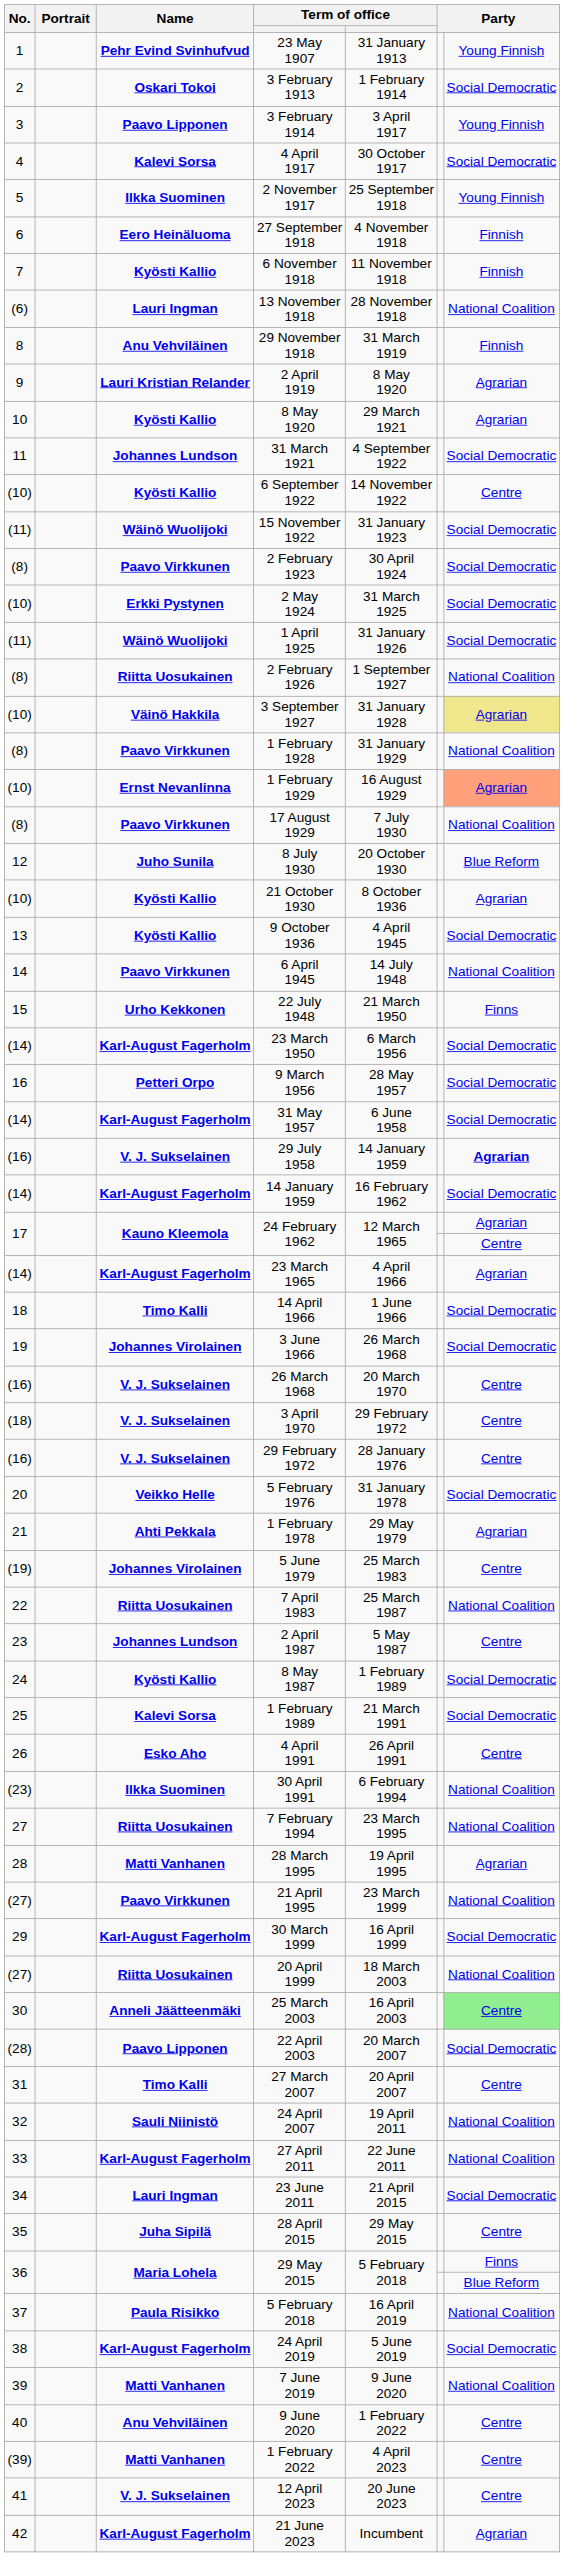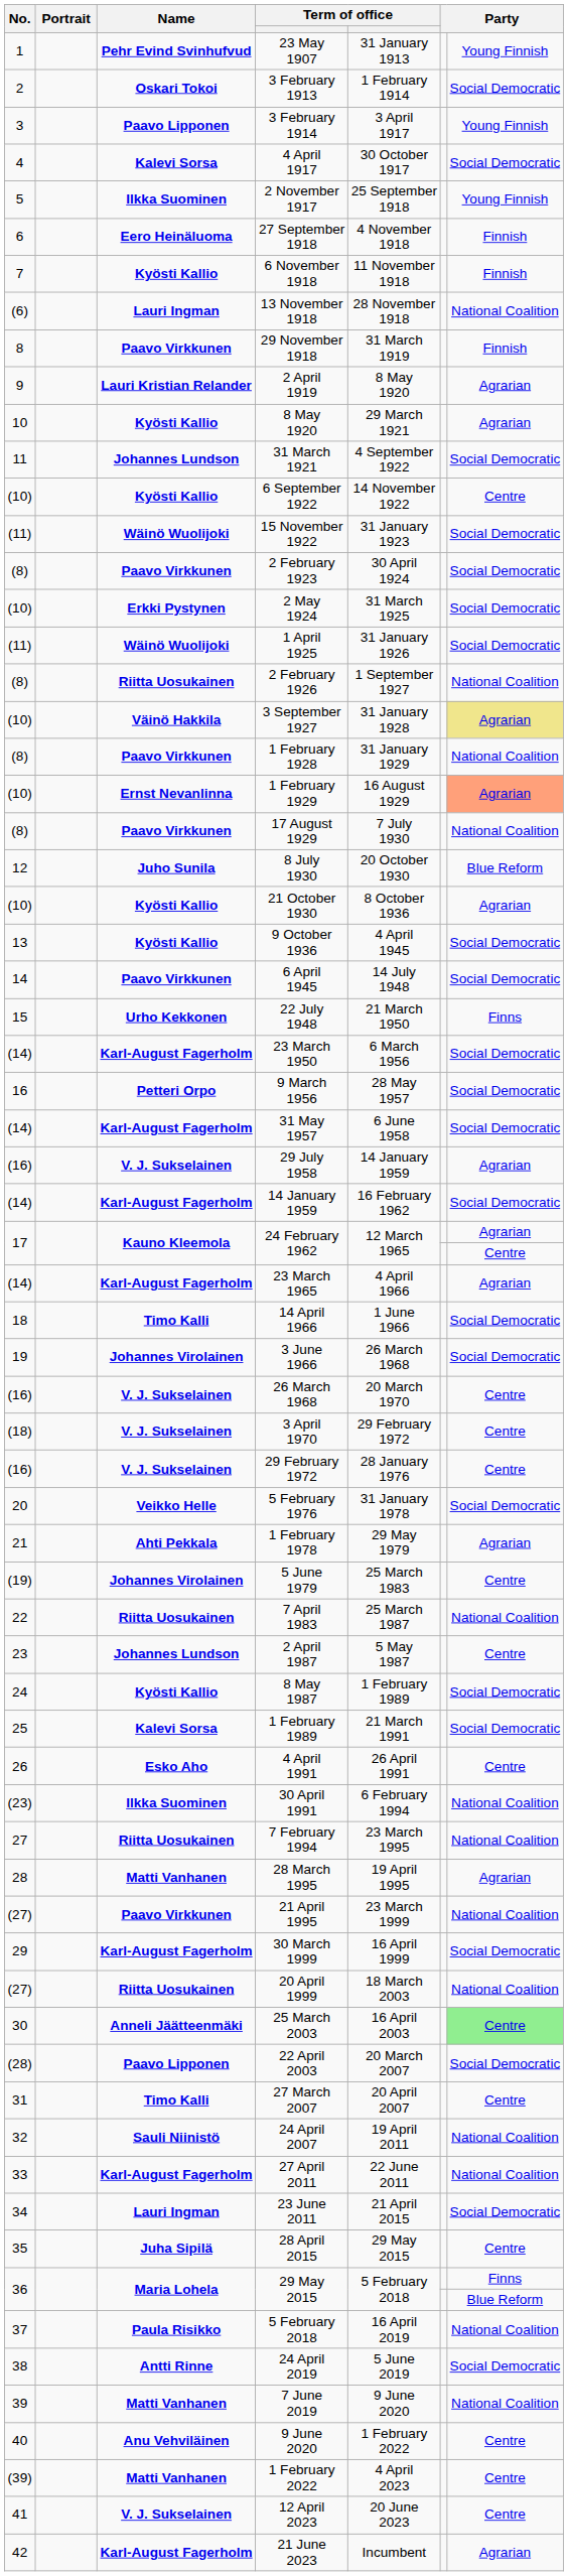 <table class="wikitable" style="text-align:center; border:1px #aaf solid;">
 <tr>
 <th rowspan="2">No.</th>
 <th rowspan="2">Portrait</th>
 <th rowspan="2">Name<br></th>
 <th colspan="2">Term of office</th>
 <th colspan="2" rowspan="2">Party</th>
 </tr>
 <tr>
 <th></th>
 <th></th>
 </tr>
 <tr>
 <td>1</td>
 <td width="65"></td>
 <td><strong><a href='#'>Pehr Evind Svinhufvud</a></strong><br></td>
 <td class="nowrap">23 May<br>1907</td>
 <td class="nowrap">31 January<br>1913</td>
 <td style="background:"></td>
 <td><a href='#'>Young Finnish</a></td>
 </tr>
 <tr>
 <td>2</td>
 <td></td>
 <td><strong><a href='#'>Oskari Tokoi</a></strong><br></td>
 <td>3 February<br>1913</td>
 <td>1 February<br>1914</td>
 <td style="background:"></td>
 <td><a href='#'>Social Democratic</a></td>
 </tr>
 <tr>
 <td>3</td>
 <td></td>
 <td><strong><a href='#'>Paavo Lipponen</a></strong><br></td>
 <td>3 February<br>1914</td>
 <td>3 April<br>1917</td>
 <td style="background:"></td>
 <td><a href='#'>Young Finnish</a></td>
 </tr>
 <tr>
 <td>4</td>
 <td></td>
 <td><strong><a href='#'>Kalevi Sorsa</a></strong><br></td>
 <td>4 April<br>1917</td>
 <td>30 October<br>1917</td>
 <td style="background:"></td>
 <td><a href='#'>Social Democratic</a></td>
 </tr>
 <tr>
 <td>5</td>
 <td></td>
 <td><strong><a href='#'>Ilkka Suominen</a></strong><br></td>
 <td>2 November<br>1917</td>
 <td>25 September<br>1918</td>
 <td style="background:"></td>
 <td><a href='#'>Young Finnish</a></td>
 </tr>
 <tr>
 <td>6</td>
 <td></td>
 <td><strong><a href='#'>Eero Heinäluoma</a></strong><br></td>
 <td>27 September<br>1918</td>
 <td>4 November<br>1918</td>
 <td style="background:"></td>
 <td><a href='#'>Finnish</a></td>
 </tr>
 <tr>
 <td>7</td>
 <td></td>
 <td><strong><a href='#'>Kyösti Kallio</a></strong><br></td>
 <td>6 November<br>1918</td>
 <td>11 November<br>1918</td>
 <td style="background:"></td>
 <td><a href='#'>Finnish</a></td>
 </tr>
 <tr>
 <td>(6)</td>
 <td></td>
 <td><strong><a href='#'>Lauri Ingman</a></strong><br></td>
 <td>13 November<br>1918</td>
 <td>28 November<br>1918</td>
 <td style="background:"></td>
 <td><a href='#'>National Coalition</a></td>
 </tr>
 <tr>
 <td>8</td>
 <td></td>
-<td><strong><a href='#'>Anu Vehviläinen</a></strong><br></td>
+<td><strong><a href='#'>Paavo Virkkunen</a></strong><br></td>
 <td>29 November<br>1918</td>
 <td>31 March<br>1919</td>
 <td style="background:"></td>
 <td><a href='#'>Finnish</a></td>
 </tr>
 <tr>
 <td>9</td>
 <td></td>
 <td><strong><a href='#'>Lauri Kristian Relander</a></strong><br></td>
 <td>2 April<br>1919</td>
 <td>8 May<br>1920</td>
 <td style="background:"></td>
 <td><a href='#'>Agrarian</a></td>
 </tr>
 <tr>
 <td>10</td>
 <td></td>
 <td><strong><a href='#'>Kyösti Kallio</a></strong><br></td>
 <td>8 May<br>1920</td>
 <td>29 March<br>1921</td>
 <td style="background:"></td>
 <td><a href='#'>Agrarian</a></td>
 </tr>
 <tr>
 <td>11</td>
 <td></td>
 <td><strong><a href='#'>Johannes Lundson</a></strong><br></td>
 <td>31 March<br>1921</td>
 <td>4 September<br>1922</td>
 <td style="background:"></td>
 <td><a href='#'>Social Democratic</a></td>
 </tr>
 <tr>
 <td>(10)</td>
 <td></td>
 <td><strong><a href='#'>Kyösti Kallio</a></strong><br></td>
 <td>6 September<br>1922</td>
 <td>14 November<br>1922</td>
 <td style="background:"></td>
 <td><a href='#'>Centre</a></td>
 </tr>
 <tr>
 <td>(11)</td>
 <td></td>
 <td><strong><a href='#'>Wäinö Wuolijoki</a></strong><br></td>
 <td>15 November<br>1922</td>
 <td>31 January<br>1923</td>
 <td style="background:"></td>
 <td><a href='#'>Social Democratic</a></td>
 </tr>
 <tr>
 <td>(8)</td>
 <td></td>
 <td><strong><a href='#'>Paavo Virkkunen</a></strong><br></td>
 <td>2 February<br>1923</td>
 <td>30 April<br>1924</td>
 <td style="background:"></td>
 <td><a href='#'>Social Democratic</a></td>
 </tr>
 <tr>
 <td>(10)</td>
 <td></td>
 <td><strong><a href='#'>Erkki Pystynen</a></strong><br></td>
 <td>2 May<br>1924</td>
 <td>31 March<br>1925</td>
 <td style="background:"></td>
 <td><a href='#'>Social Democratic</a></td>
 </tr>
 <tr>
 <td>(11)</td>
 <td></td>
 <td><strong><a href='#'>Wäinö Wuolijoki</a></strong><br></td>
 <td>1 April<br>1925</td>
 <td>31 January<br>1926</td>
 <td style="background:"></td>
 <td><a href='#'>Social Democratic</a></td>
 </tr>
 <tr>
 <td>(8)</td>
 <td></td>
 <td><strong><a href='#'>Riitta Uosukainen</a></strong><br></td>
 <td>2 February<br>1926</td>
 <td>1 September<br>1927</td>
 <td style="background:"></td>
 <td><a href='#'>National Coalition</a></td>
 </tr>
 <tr>
 <td>(10)</td>
 <td></td>
 <td><strong><a href='#'>Väinö Hakkila</a></strong><br></td>
 <td>3 September<br>1927</td>
 <td>31 January<br>1928</td>
 <td style="background:"></td>
 <td style="background: khaki;"><a href='#'>Agrarian</a></td>
 </tr>
 <tr>
 <td>(8)</td>
 <td></td>
 <td><strong><a href='#'>Paavo Virkkunen</a></strong><br></td>
 <td>1 February<br>1928</td>
 <td>31 January<br>1929</td>
 <td style="background:"></td>
 <td><a href='#'>National Coalition</a></td>
 </tr>
 <tr>
 <td>(10)</td>
 <td></td>
 <td><strong><a href='#'>Ernst Nevanlinna</a></strong><br></td>
 <td>1 February<br>1929</td>
 <td>16 August<br>1929</td>
 <td style="background:"></td>
 <td style="background: lightsalmon;"><a href='#'>Agrarian</a></td>
 </tr>
 <tr>
 <td>(8)</td>
 <td></td>
 <td><strong><a href='#'>Paavo Virkkunen</a></strong><br></td>
 <td>17 August<br>1929</td>
 <td>7 July<br>1930</td>
 <td style="background:"></td>
 <td><a href='#'>National Coalition</a></td>
 </tr>
 <tr>
 <td>12</td>
 <td></td>
 <td><strong><a href='#'>Juho Sunila</a></strong><br></td>
 <td>8 July<br>1930</td>
 <td>20 October<br>1930</td>
 <td style="background:"></td>
 <td><a href='#'>Blue Reform</a><br></td>
 </tr>
 <tr>
 <td>(10)</td>
 <td></td>
 <td><strong><a href='#'>Kyösti Kallio</a></strong><br></td>
 <td>21 October<br>1930</td>
 <td>8 October<br>1936</td>
 <td style="background:"></td>
 <td><a href='#'>Agrarian</a></td>
 </tr>
 <tr>
 <td>13</td>
 <td></td>
 <td><strong><a href='#'>Kyösti Kallio</a></strong><br></td>
 <td>9 October<br>1936</td>
 <td>4 April<br>1945</td>
 <td style="background:"></td>
 <td><a href='#'>Social Democratic</a></td>
 </tr>
 <tr>
 <td>14</td>
 <td></td>
 <td><strong><a href='#'>Paavo Virkkunen</a></strong><br></td>
 <td>6 April<br>1945</td>
 <td>14 July<br>1948</td>
 <td style="background:"></td>
-<td><a href='#'>National Coalition</a></td>
+<td><a href='#'>Social Democratic</a></td>
 </tr>
 <tr>
 <td>15</td>
 <td></td>
 <td><strong><a href='#'>Urho Kekkonen</a></strong><br></td>
 <td>22 July<br>1948</td>
 <td>21 March<br>1950</td>
 <td style="background:"></td>
 <td><a href='#'>Finns</a></td>
 </tr>
 <tr>
 <td>(14)</td>
 <td></td>
 <td><strong><a href='#'>Karl-August Fagerholm</a></strong><br></td>
 <td>23 March<br>1950</td>
 <td>6 March<br>1956</td>
 <td style="background:"></td>
 <td><a href='#'>Social Democratic</a></td>
 </tr>
 <tr>
 <td>16</td>
 <td></td>
 <td><strong><a href='#'>Petteri Orpo</a></strong><br></td>
 <td>9 March<br>1956</td>
 <td>28 May<br>1957</td>
 <td style="background:"></td>
 <td><a href='#'>Social Democratic</a></td>
 </tr>
 <tr>
 <td>(14)</td>
 <td></td>
 <td><strong><a href='#'>Karl-August Fagerholm</a></strong><br></td>
 <td>31 May<br>1957</td>
 <td>6 June<br>1958</td>
 <td style="background:"></td>
 <td><a href='#'>Social Democratic</a></td>
 </tr>
 <tr>
 <td>(16)</td>
 <td></td>
 <td><strong><a href='#'>V. J. Sukselainen</a></strong><br></td>
 <td>29 July<br>1958</td>
 <td>14 January<br>1959</td>
 <td style="background:"></td>
-<td><strong><a href='#'>Agrarian</a></strong></td>
+<td><a href='#'>Agrarian</a></td>
 </tr>
 <tr>
 <td>(14)</td>
 <td></td>
 <td><strong><a href='#'>Karl-August Fagerholm</a></strong><br></td>
 <td>14 January<br>1959</td>
 <td>16 February<br>1962</td>
 <td style="background:"></td>
 <td><a href='#'>Social Democratic</a></td>
 </tr>
 <tr>
 <td rowspan="2">17</td>
 <td rowspan="2"></td>
 <td rowspan="2"><strong><a href='#'>Kauno Kleemola</a></strong><br></td>
 <td rowspan="2">24 February<br>1962</td>
 <td rowspan="2">12 March<br>1965</td>
 <td style="background:"></td>
 <td><a href='#'>Agrarian</a><br></td>
 </tr>
 <tr>
 <td style="background:"></td>
 <td><a href='#'>Centre</a><br></td>
 </tr>
 <tr>
 <td>(14)</td>
 <td></td>
 <td><strong><a href='#'>Karl-August Fagerholm</a></strong><br></td>
 <td>23 March<br>1965</td>
 <td>4 April<br>1966</td>
 <td style="background:"></td>
 <td><a href='#'>Agrarian</a></td>
 </tr>
 <tr>
 <td>18</td>
 <td></td>
 <td><strong><a href='#'>Timo Kalli</a></strong><br></td>
 <td>14 April<br>1966</td>
 <td>1 June<br>1966</td>
 <td style="background:"></td>
 <td><a href='#'>Social Democratic</a></td>
 </tr>
 <tr>
 <td>19</td>
 <td></td>
 <td><strong><a href='#'>Johannes Virolainen</a></strong><br></td>
 <td>3 June<br>1966</td>
 <td>26 March<br>1968</td>
 <td style="background:"></td>
 <td><a href='#'>Social Democratic</a></td>
 </tr>
 <tr>
 <td>(16)</td>
 <td></td>
 <td><strong><a href='#'>V. J. Sukselainen</a></strong><br></td>
 <td>26 March<br>1968</td>
 <td>20 March<br>1970</td>
 <td style="background:"></td>
 <td><a href='#'>Centre</a></td>
 </tr>
 <tr>
 <td>(18)</td>
 <td></td>
 <td><strong><a href='#'>V. J. Sukselainen</a></strong><br></td>
 <td>3 April<br>1970</td>
 <td>29 February<br>1972</td>
 <td style="background:"></td>
 <td><a href='#'>Centre</a></td>
 </tr>
 <tr>
 <td>(16)</td>
 <td></td>
 <td><strong><a href='#'>V. J. Sukselainen</a></strong><br></td>
 <td>29 February<br>1972</td>
 <td>28 January<br>1976</td>
 <td style="background:"></td>
 <td><a href='#'>Centre</a></td>
 </tr>
 <tr>
 <td>20</td>
 <td></td>
 <td><strong><a href='#'>Veikko Helle</a></strong><br></td>
 <td>5 February<br>1976</td>
 <td>31 January<br>1978</td>
 <td style="background:"></td>
 <td><a href='#'>Social Democratic</a></td>
 </tr>
 <tr>
 <td>21</td>
 <td></td>
 <td><strong><a href='#'>Ahti Pekkala</a></strong><br></td>
 <td>1 February<br>1978</td>
 <td>29 May<br>1979</td>
 <td style="background:"></td>
 <td><a href='#'>Agrarian</a></td>
 </tr>
 <tr>
 <td>(19)</td>
 <td></td>
 <td><strong><a href='#'>Johannes Virolainen</a></strong><br></td>
 <td>5 June<br>1979</td>
 <td>25 March<br>1983</td>
 <td style="background:"></td>
 <td><a href='#'>Centre</a></td>
 </tr>
 <tr>
 <td>22</td>
 <td></td>
 <td><strong><a href='#'>Riitta Uosukainen</a></strong><br></td>
 <td>7 April<br>1983</td>
 <td>25 March<br>1987</td>
 <td style="background:"></td>
 <td><a href='#'>National Coalition</a></td>
 </tr>
 <tr>
 <td>23</td>
 <td></td>
 <td><strong><a href='#'>Johannes Lundson</a></strong><br></td>
 <td>2 April<br>1987</td>
 <td>5 May<br>1987</td>
 <td style="background:"></td>
 <td><a href='#'>Centre</a></td>
 </tr>
 <tr>
 <td>24</td>
 <td></td>
 <td><strong><a href='#'>Kyösti Kallio</a></strong><br></td>
 <td>8 May<br>1987</td>
 <td>1 February<br>1989</td>
 <td style="background:"></td>
 <td><a href='#'>Social Democratic</a></td>
 </tr>
 <tr>
 <td>25</td>
 <td></td>
 <td><strong><a href='#'>Kalevi Sorsa</a></strong><br></td>
 <td>1 February<br>1989</td>
 <td>21 March<br>1991</td>
 <td style="background:"></td>
 <td><a href='#'>Social Democratic</a></td>
 </tr>
 <tr>
 <td>26</td>
 <td></td>
 <td><strong><a href='#'>Esko Aho</a></strong><br></td>
 <td>4 April<br>1991</td>
 <td>26 April<br>1991</td>
 <td style="background:"></td>
 <td><a href='#'>Centre</a></td>
 </tr>
 <tr>
 <td>(23)</td>
 <td></td>
 <td><strong><a href='#'>Ilkka Suominen</a></strong><br></td>
 <td>30 April<br>1991</td>
 <td>6 February<br>1994</td>
 <td style="background:"></td>
 <td><a href='#'>National Coalition</a></td>
 </tr>
 <tr>
 <td>27</td>
 <td></td>
 <td><strong><a href='#'>Riitta Uosukainen</a></strong><br></td>
 <td>7 February<br>1994</td>
 <td>23 March<br>1995</td>
 <td style="background:"></td>
 <td><a href='#'>National Coalition</a></td>
 </tr>
 <tr>
 <td>28</td>
 <td></td>
 <td><strong><a href='#'>Matti Vanhanen</a></strong><br></td>
 <td>28 March<br>1995</td>
 <td>19 April<br>1995</td>
 <td style="background:"></td>
 <td><a href='#'>Agrarian</a></td>
 </tr>
 <tr>
 <td>(27)</td>
 <td></td>
 <td><strong><a href='#'>Paavo Virkkunen</a></strong><br></td>
 <td>21 April<br>1995</td>
 <td>23 March<br>1999</td>
 <td style="background:"></td>
 <td><a href='#'>National Coalition</a></td>
 </tr>
 <tr>
 <td>29</td>
 <td></td>
 <td><strong><a href='#'>Karl-August Fagerholm</a></strong><br></td>
 <td>30 March<br>1999</td>
 <td>16 April<br>1999</td>
 <td style="background:"></td>
 <td><a href='#'>Social Democratic</a></td>
 </tr>
 <tr>
 <td>(27)</td>
 <td></td>
 <td><strong><a href='#'>Riitta Uosukainen</a></strong><br></td>
 <td>20 April<br>1999</td>
 <td>18 March<br>2003</td>
 <td style="background:"></td>
 <td><a href='#'>National Coalition</a></td>
 </tr>
 <tr>
 <td>30</td>
 <td></td>
 <td><strong><a href='#'>Anneli Jäätteenmäki</a></strong><br></td>
 <td>25 March<br>2003</td>
 <td>16 April<br>2003</td>
 <td style="background:"></td>
 <td style="background: lightgreen;"><a href='#'>Centre</a></td>
 </tr>
 <tr>
 <td>(28)</td>
 <td></td>
 <td><strong><a href='#'>Paavo Lipponen</a></strong><br></td>
 <td>22 April<br>2003</td>
 <td>20 March<br>2007</td>
 <td style="background:"></td>
 <td><a href='#'>Social Democratic</a></td>
 </tr>
 <tr>
 <td>31</td>
 <td></td>
 <td><strong><a href='#'>Timo Kalli</a></strong><br></td>
 <td>27 March<br>2007</td>
 <td>20 April<br>2007</td>
 <td style="background:"></td>
 <td><a href='#'>Centre</a></td>
 </tr>
 <tr>
 <td>32</td>
 <td></td>
 <td><strong><a href='#'>Sauli Niinistö</a></strong><br></td>
 <td>24 April<br>2007</td>
 <td>19 April<br>2011</td>
 <td style="background:"></td>
 <td><a href='#'>National Coalition</a></td>
 </tr>
 <tr>
 <td>33</td>
 <td></td>
 <td><strong><a href='#'>Karl-August Fagerholm</a></strong><br></td>
 <td>27 April<br>2011</td>
 <td>22 June<br>2011</td>
 <td style="background:"></td>
 <td><a href='#'>National Coalition</a></td>
 </tr>
 <tr>
 <td>34</td>
 <td></td>
 <td><strong><a href='#'>Lauri Ingman</a></strong><br></td>
 <td>23 June<br>2011</td>
 <td>21 April<br>2015</td>
 <td style="background:"></td>
 <td><a href='#'>Social Democratic</a></td>
 </tr>
 <tr>
 <td>35</td>
 <td></td>
 <td><strong><a href='#'>Juha Sipilä</a></strong><br></td>
 <td>28 April<br>2015</td>
 <td>29 May<br>2015</td>
 <td style="background:"></td>
 <td><a href='#'>Centre</a></td>
 </tr>
 <tr>
 <td rowspan="2">36</td>
 <td rowspan="2"></td>
 <td rowspan="2"><strong><a href='#'>Maria Lohela</a></strong><br></td>
 <td rowspan="2">29 May<br>2015</td>
 <td rowspan="2">5 February<br>2018</td>
 <td style="background:"></td>
 <td><a href='#'>Finns</a><br></td>
 </tr>
 <tr>
 <td style="background:"></td>
 <td><a href='#'>Blue Reform</a><br></td>
 </tr>
 <tr>
 <td>37</td>
 <td></td>
 <td><strong><a href='#'>Paula Risikko</a></strong><br></td>
 <td>5 February<br>2018</td>
 <td>16 April<br>2019</td>
 <td style="background:"></td>
 <td><a href='#'>National Coalition</a></td>
 </tr>
 <tr>
 <td>38</td>
 <td></td>
-<td><strong><a href='#'>Karl-August Fagerholm</a></strong><br></td>
+<td><strong><a href='#'>Antti Rinne</a></strong><br></td>
 <td>24 April<br>2019</td>
 <td>5 June<br>2019</td>
 <td style="background:"></td>
 <td><a href='#'>Social Democratic</a></td>
 </tr>
 <tr>
 <td>39</td>
 <td></td>
 <td><strong><a href='#'>Matti Vanhanen</a></strong><br></td>
 <td>7 June<br>2019</td>
 <td>9 June<br>2020</td>
 <td style="background:"></td>
 <td><a href='#'>National Coalition</a></td>
 </tr>
 <tr>
 <td>40</td>
 <td></td>
 <td><strong><a href='#'>Anu Vehviläinen</a></strong><br></td>
 <td>9 June<br>2020</td>
 <td>1 February<br>2022</td>
 <td style="background:"></td>
 <td><a href='#'>Centre</a></td>
 </tr>
 <tr>
 <td>(39)</td>
 <td></td>
 <td><strong><a href='#'>Matti Vanhanen</a></strong><br></td>
 <td>1 February<br>2022</td>
 <td>4 April<br>2023</td>
 <td style="background:"></td>
 <td><a href='#'>Centre</a></td>
 </tr>
 <tr>
 <td>41</td>
 <td></td>
 <td><strong><a href='#'>V. J. Sukselainen</a></strong><br></td>
 <td>12 April<br>2023</td>
 <td>20 June<br>2023</td>
 <td style="background:"></td>
 <td><a href='#'>Centre</a></td>
 </tr>
 <tr>
 <td>42</td>
 <td></td>
 <td><strong><a href='#'>Karl-August Fagerholm</a></strong><br></td>
 <td>21 June<br>2023</td>
 <td>Incumbent</td>
 <td style="background:"></td>
 <td><a href='#'>Agrarian</a></td>
 </tr>
 </table>
